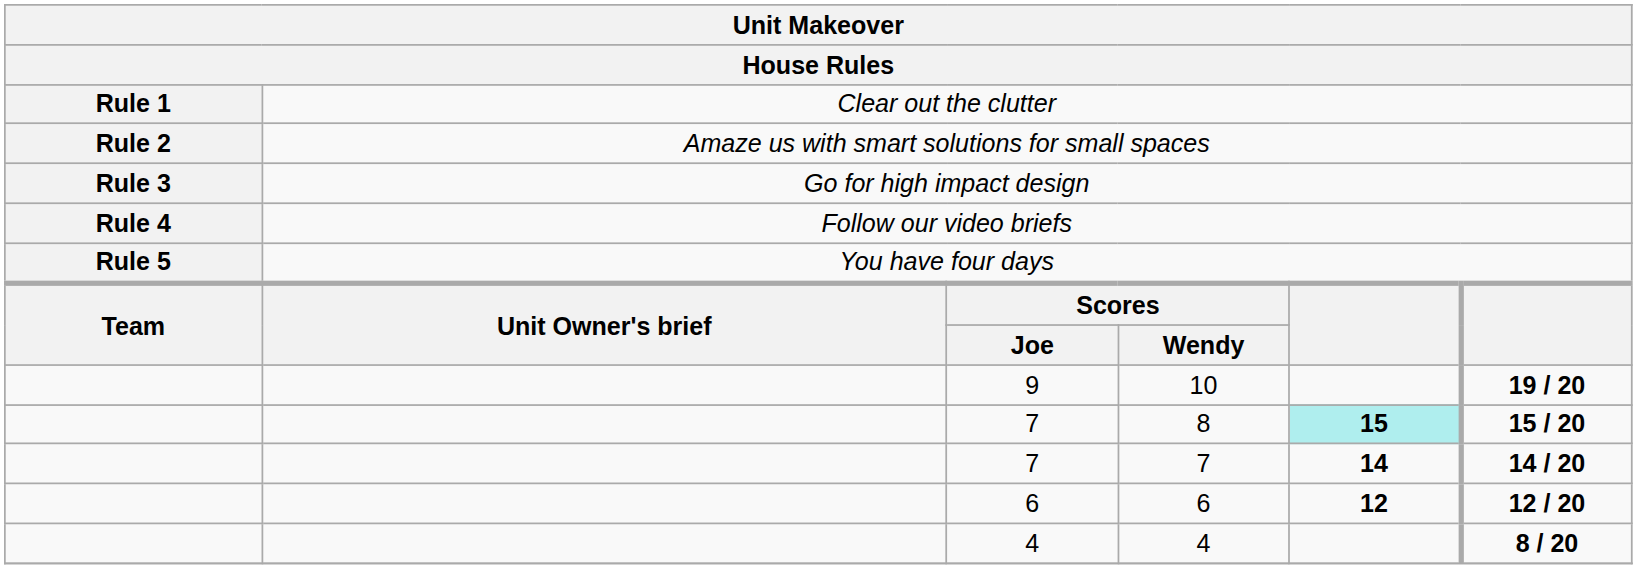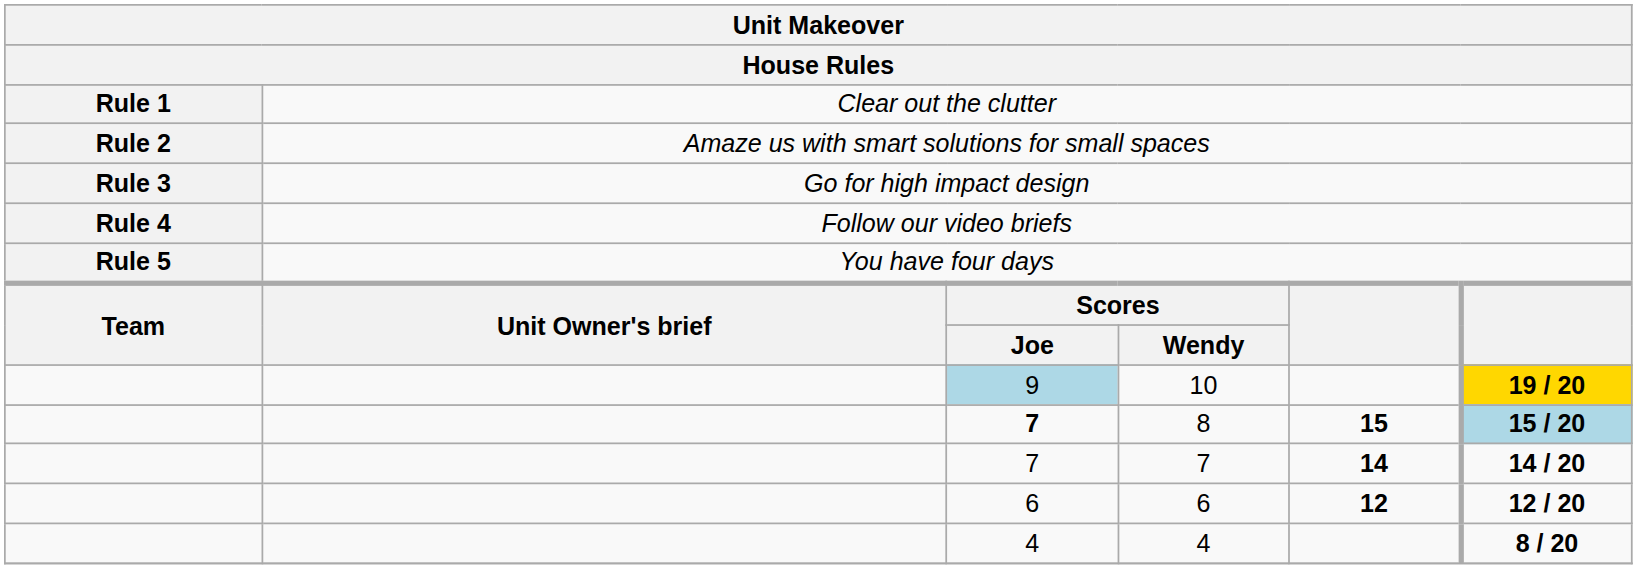 <table class="wikitable plainrowheaders" style="text-align:center; font-size:90%; width:65em;">
 <tr>
 <th colspan="7" >Unit Makeover</th>
 </tr>
 <tr>
 <th colspan="7">House Rules</th>
 </tr>
 <tr>
 <th>Rule 1</th>
 <td colspan="6"><em>Clear out the clutter</em></td>
 </tr>
 <tr>
 <th>Rule 2</th>
 <td colspan="6"><em>Amaze us with smart solutions for small spaces</em></td>
 </tr>
 <tr>
 <th>Rule 3</th>
 <td colspan="6"><em>Go for high impact design</em></td>
 </tr>
 <tr>
 <th>Rule 4</th>
 <td colspan="6"><em>Follow our video briefs</em></td>
 </tr>
 <tr>
 <th>Rule 5</th>
 <td colspan="6"><em>You have four days</em></td>
 </tr>
 <tr style="border-top:3px solid #aaa;">
 <th rowspan="2">Team</th>
 <th rowspan="2" style="width:40%;">Unit Owner's brief</th>
 <th colspan="2" style="width:40%;">Scores</th>
 <th rowspan="2" style="width:10%;"></th>
 <th rowspan="2" style="width:10%; border-left:3px solid #aaa;"></th>
 </tr>
 <tr>
 <th style="width:10%;">Joe</th>
 <th style="width:10%;">Wendy</th>
 </tr>
 <tr>
 <td style="width:15%;"></td>
 <td></td>
-<td>9</td>
+<td style="background: lightblue;">9</td>
 <td>10</td>
 <td></td>
-<td style="border-left:3px solid #aaa;"><strong>19 / 20</strong></td>
+<td style="background: gold; border-left:3px solid #aaa;"><strong>19 / 20</strong></td>
 </tr>
 <tr>
 <td style="width:15%;"></td>
 <td></td>
-<td>7</td>
+<td><strong>7</strong></td>
 <td>8</td>
-<td style="background: paleturquoise;"><strong>15</strong></td>
-<td style="border-left:3px solid #aaa;"><strong>15 / 20</strong></td>
+<td><strong>15</strong></td>
+<td style="background: lightblue; border-left:3px solid #aaa;"><strong>15 / 20</strong></td>
 </tr>
 <tr>
 <td style="width:15%;"></td>
 <td></td>
 <td>7</td>
 <td>7</td>
 <td><strong>14</strong></td>
 <td style="border-left:3px solid #aaa;"><strong>14 / 20</strong></td>
 </tr>
 <tr>
 <td style="width:15%;"></td>
 <td></td>
 <td>6</td>
 <td>6</td>
 <td><strong>12</strong></td>
 <td style="border-left:3px solid #aaa;"><strong>12 / 20</strong></td>
 </tr>
 <tr>
 <td style="width:15%;"></td>
 <td></td>
 <td>4</td>
 <td>4</td>
 <td></td>
 <td style="border-left:3px solid #aaa;"><strong>8 / 20</strong></td>
 </tr>
 <tr>
 </tr>
 </table>
